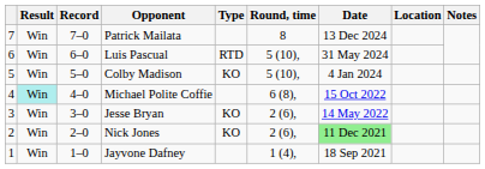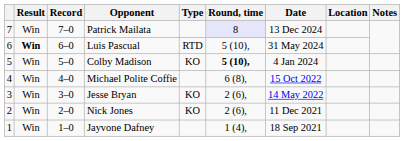 <table class="wikitable" style="text-align:center">
 <tr>
 <th></th>
 <th>Result</th>
 <th>Record</th>
 <th>Opponent</th>
 <th>Type</th>
 <th>Round, time</th>
 <th>Date</th>
 <th>Location</th>
 <th>Notes</th>
 </tr>
 <tr>
 <td>7</td>
 <td>Win</td>
 <td>7–0</td>
 <td align=left>Patrick Mailata</td>
 <td></td>
-<td>8</td>
+<td style="background: lavender;">8</td>
 <td>13 Dec 2024</td>
 <td align=left></td>
 </tr>
 <tr>
 <td>6</td>
-<td>Win</td>
+<td><strong>Win</strong></td>
 <td>6–0</td>
 <td align=left>Luis Pascual</td>
 <td>RTD</td>
 <td>5 (10), </td>
 <td>31 May 2024</td>
 <td align=left></td>
 </tr>
 <tr>
 <td>5</td>
 <td>Win</td>
 <td>5–0</td>
 <td align=left>Colby Madison</td>
 <td>KO</td>
-<td>5 (10), </td>
+<td><strong>5 (10), </strong></td>
 <td>4 Jan 2024</td>
 <td align=left></td>
 <td></td>
 </tr>
 <tr>
 <td>4</td>
-<td style="background: paleturquoise;">Win</td>
+<td>Win</td>
 <td>4–0</td>
 <td align=left>Michael Polite Coffie</td>
 <td></td>
 <td>6 (8), </td>
 <td><a href='#'>15 Oct 2022</a></td>
 <td align=left></td>
 <td></td>
 </tr>
 <tr>
 <td>3</td>
 <td>Win</td>
 <td>3–0</td>
 <td align=left>Jesse Bryan</td>
 <td>KO</td>
 <td>2 (6), </td>
 <td><a href='#'>14 May 2022</a></td>
 <td align=left></td>
 <td></td>
 </tr>
 <tr>
 <td>2</td>
 <td>Win</td>
 <td>2–0</td>
 <td align=left>Nick Jones</td>
 <td>KO</td>
 <td>2 (6), </td>
-<td style="background: lightgreen;">11 Dec 2021</td>
+<td>11 Dec 2021</td>
 <td align=left></td>
 <td></td>
 </tr>
 <tr>
 <td>1</td>
 <td>Win</td>
 <td>1–0</td>
 <td align=left>Jayvone Dafney</td>
 <td></td>
 <td>1 (4), </td>
 <td>18 Sep 2021</td>
 <td align=left></td>
 <td></td>
 </tr>
 </table>
